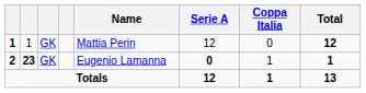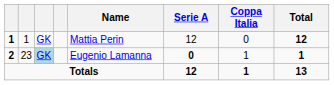 <table class="wikitable" style="text-align:center">
 <tr>
 <th width=15></th>
 <th width=15></th>
 <th width=15></th>
 <th width=15></th>
 <th width=145>Name</th>
 <th width=80><strong><a href='#'>Serie A</a></strong></th>
 <th width=80><strong><a href='#'>Coppa Italia</a></strong></th>
 <th width=80>Total</th>
 </tr>
 <tr>
 <td><strong>1</strong></td>
 <td>1</td>
 <td><a href='#'>GK</a></td>
 <td></td>
 <td align=left><a href='#'>Mattia Perin</a></td>
 <td>12</td>
 <td>0</td>
 <td><strong>12</strong></td>
 </tr>
 <tr>
 <td><strong>2</strong></td>
-<td><strong>23</strong></td>
-<td><a href='#'>GK</a></td>
+<td>23</td>
+<td style="background: lightblue;"><a href='#'>GK</a></td>
 <td></td>
 <td align=left><a href='#'>Eugenio Lamanna</a></td>
 <td><strong>0</strong></td>
 <td>1</td>
 <td><strong>1</strong></td>
 </tr>
 <tr>
 <td colspan=5><strong>Totals</strong></td>
 <td><strong>12</strong></td>
 <td><strong>1</strong></td>
 <td><strong>13</strong></td>
 </tr>
 </table>
